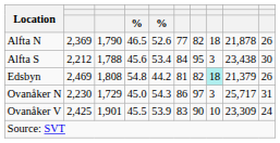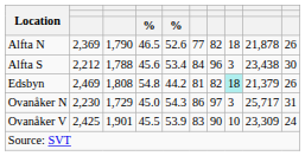 <table role="presentation" class="wikitable sortable mw-collapsible">
 <tr>
 <th rowspan="3">Location</th>
 <th></th>
 <th></th>
 <th></th>
 <th></th>
 <th></th>
 <th></th>
 <th></th>
 <th></th>
 <th></th>
 </tr>
 <tr>
 <th></th>
 <th></th>
 <th style="background:"></th>
 <th style="background:"></th>
 <th></th>
 <th></th>
 <th></th>
 <th></th>
 <th></th>
 </tr>
 <tr>
 <th data-sort-type="number"></th>
 <th data-sort-type="number"></th>
 <th data-sort-type="number">%</th>
 <th data-sort-type="number">%</th>
 <th data-sort-type="number"></th>
 <th data-sort-type="number"></th>
 <th data-sort-type="number"></th>
 <th data-sort-type="number"></th>
 <th data-sort-type="number"></th>
 </tr>
 <tr>
 <td align="left">Alfta N</td>
 <td>2,369</td>
 <td>1,790</td>
 <td>46.5</td>
 <td>52.6</td>
 <td>77</td>
 <td>82</td>
 <td>18</td>
 <td>21,878</td>
 <td>26</td>
 </tr>
 <tr>
 <td align="left">Alfta S</td>
 <td>2,212</td>
 <td>1,788</td>
 <td>45.6</td>
 <td>53.4</td>
 <td>84</td>
-<td>95</td>
+<td>96</td>
 <td>3</td>
 <td>23,438</td>
 <td>30</td>
 </tr>
 <tr>
 <td align="left">Edsbyn</td>
 <td>2,469</td>
 <td>1,808</td>
 <td>54.8</td>
 <td>44.2</td>
 <td>81</td>
 <td>82</td>
 <td style="background: paleturquoise;">18</td>
 <td>21,379</td>
 <td>26</td>
 </tr>
 <tr>
 <td align="left">Ovanåker N</td>
 <td>2,230</td>
 <td>1,729</td>
 <td>45.0</td>
 <td>54.3</td>
 <td>86</td>
 <td>97</td>
 <td>3</td>
 <td>25,717</td>
 <td>31</td>
 </tr>
 <tr>
 <td align="left">Ovanåker V</td>
 <td>2,425</td>
 <td>1,901</td>
 <td>45.5</td>
 <td>53.9</td>
 <td>83</td>
 <td>90</td>
 <td>10</td>
 <td>23,309</td>
 <td>24</td>
 </tr>
 <tr>
 <td colspan="10" align="left">Source: <a href='#'>SVT</a></td>
 </tr>
 </table>
